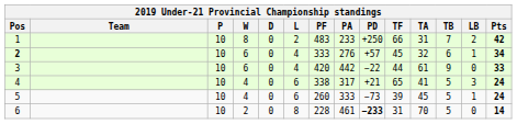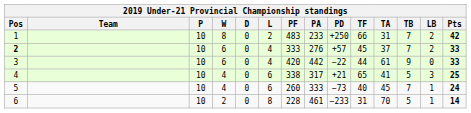 <table class="wikitable" style="text-align:center; font-size:100%; width:60%;">
 <tr>
 <th colspan="100%" cellpadding="0" cellspacing="0"><strong>2019 Under-21 Provincial Championship standings</strong></th>
 </tr>
 <tr>
 <th style="width:5%;">Pos</th>
 <th style="width:35%;">Team</th>
 <th style="width:5%;">P</th>
 <th style="width:5%;">W</th>
 <th style="width:5%;">D</th>
 <th style="width:5%;">L</th>
 <th style="width:5%;">PF</th>
 <th style="width:5%;">PA</th>
 <th style="width:5%;">PD</th>
 <th style="width:5%;">TF</th>
 <th style="width:5%;">TA</th>
 <th style="width:5%;">TB</th>
 <th style="width:5%;">LB</th>
 <th style="width:5%;">Pts<br></th>
 </tr>
 <tr style="background:#E8FFD8;">
 <td>1</td>
 <td style="text-align:left;"></td>
 <td>10</td>
 <td>8</td>
 <td>0</td>
 <td>2</td>
 <td>483</td>
 <td>233</td>
 <td>+250</td>
 <td>66</td>
 <td>31</td>
 <td>7</td>
 <td>2</td>
 <td><strong>42</strong></td>
 </tr>
 <tr style="background:#E8FFD8;">
 <td><strong>2</strong></td>
 <td style="text-align:left;"></td>
 <td>10</td>
 <td>6</td>
 <td>0</td>
 <td>4</td>
 <td>333</td>
 <td>276</td>
 <td>+57</td>
 <td>45</td>
-<td>32</td>
-<td>6</td>
-<td>1</td>
-<td><strong>34</strong></td>
+<td>37</td>
+<td>7</td>
+<td>2</td>
+<td><strong>33</strong></td>
 </tr>
 <tr style="background:#E8FFD8;">
 <td>3</td>
 <td style="text-align:left;"></td>
 <td>10</td>
 <td>6</td>
 <td>0</td>
 <td>4</td>
 <td>420</td>
 <td>442</td>
 <td>−22</td>
 <td>44</td>
 <td>61</td>
 <td>9</td>
 <td>0</td>
 <td><strong>33</strong></td>
 </tr>
 <tr style="background:#E8FFD8;">
 <td>4</td>
 <td style="text-align:left;"></td>
 <td>10</td>
 <td>4</td>
 <td>0</td>
 <td>6</td>
 <td>338</td>
 <td>317</td>
 <td>+21</td>
 <td>65</td>
 <td>41</td>
 <td>5</td>
 <td>3</td>
-<td><strong>24</strong></td>
+<td><strong>25</strong></td>
 </tr>
 <tr>
 <td>5</td>
 <td style="text-align:left;"></td>
 <td>10</td>
 <td>4</td>
 <td>0</td>
 <td>6</td>
 <td>260</td>
 <td>333</td>
 <td>−73</td>
-<td>39</td>
+<td>40</td>
 <td>45</td>
-<td>5</td>
+<td>7</td>
 <td>1</td>
 <td><strong>24</strong></td>
 </tr>
 <tr>
 <td>6</td>
 <td style="text-align:left;"></td>
 <td>10</td>
 <td>2</td>
 <td>0</td>
 <td>8</td>
 <td>228</td>
 <td>461</td>
-<td><strong>−233</strong></td>
+<td>−233</td>
 <td>31</td>
 <td>70</td>
 <td>5</td>
-<td>0</td>
+<td>1</td>
 <td><strong>14</strong></td>
 </tr>
 </table>
